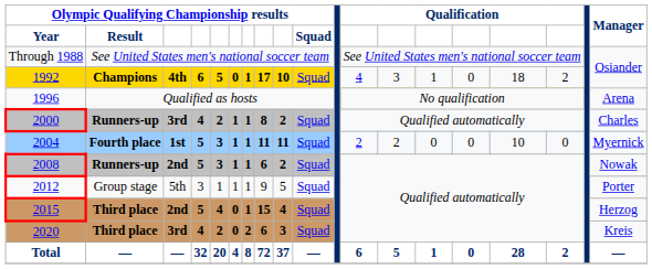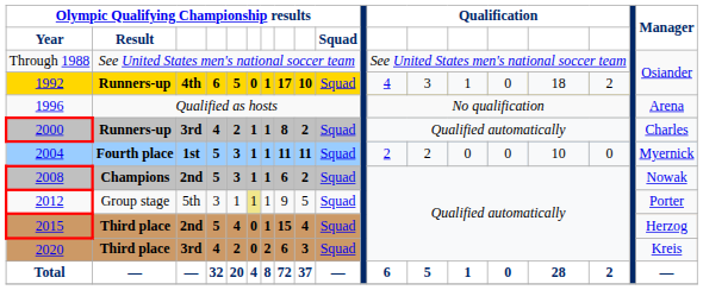 <table class="wikitable" style="text-align: center;font-size:100%;">
 <tr>
 <th colspan="10" style="color:#002868; background:white; "><a href='#'>Olympic Qualifying Championship</a> results</th>
 <th rowspan="12" style="color:#002868; background:#002868;"></th>
 <th colspan="6" style="color:#002868; background:white; ">Qualification</th>
 <th rowspan="12" style="color:#002868; background:#002868;"></th>
 <th rowspan="2" style="color:#002868; background:white; ">Manager</th>
 </tr>
 <tr>
 <th style="color:#002868; background:white; ">Year</th>
 <th style="color:#002868; background:white; ">Result</th>
 <th style="color:#002868; background:white; "></th>
 <th style="color:#002868; background:white; "></th>
 <th style="color:#002868; background:white; "></th>
 <th style="color:#002868; background:white; "></th>
 <th style="color:#002868; background:white; "></th>
 <th style="color:#002868; background:white; "></th>
 <th style="color:#002868; background:white; "></th>
 <th style="color:#002868; background:white; ">Squad</th>
 <th style="color:#002868; background:white; "></th>
 <th style="color:#002868; background:white; "></th>
 <th style="color:#002868; background:white; "></th>
 <th style="color:#002868; background:white; "></th>
 <th style="color:#002868; background:white; "></th>
 <th style="color:#002868; background:white; "></th>
 </tr>
 <tr>
 <td>Through <a href='#'>1988</a></td>
 <td colspan="9"><em>See <a href='#'>United States men's national soccer team</a></em></td>
 <td colspan="6"><em>See <a href='#'>United States men's national soccer team</a></em></td>
 <td rowspan="2"><a href='#'>Osiander</a></td>
 </tr>
 <tr bgcolor=gold>
 <td align="center"> <a href='#'>1992</a></td>
-<td><strong>Champions</strong></td>
+<td><strong>Runners-up</strong></td>
 <td><strong>4th</strong></td>
 <td><strong>6</strong></td>
 <td><strong>5</strong></td>
 <td><strong>0</strong></td>
 <td><strong>1</strong></td>
 <td><strong>17</strong></td>
 <td><strong>10</strong></td>
 <td><a href='#'>Squad</a></td>
 <td bgcolor="#f8f9fa"><a href='#'>4</a></td>
 <td bgcolor="#f8f9fa">3</td>
 <td bgcolor="#f8f9fa">1</td>
 <td bgcolor="#f8f9fa">0</td>
 <td bgcolor="#f8f9fa">18</td>
 <td bgcolor="#f8f9fa">2</td>
 </tr>
 <tr>
 <td align="center"> <a href='#'>1996</a></td>
 <td colspan=9><em>Qualified as hosts</em></td>
 <td colspan="6"><em>No qualification</em></td>
 <td><a href='#'>Arena</a></td>
 </tr>
 <tr bgcolor=silver>
 <td style="border: 3px solid red" align="center"> <a href='#'>2000</a></td>
 <td><strong>Runners-up</strong></td>
 <td><strong>3rd</strong></td>
 <td><strong>4</strong></td>
 <td><strong>2</strong></td>
 <td><strong>1</strong></td>
 <td><strong>1</strong></td>
 <td><strong>8</strong></td>
 <td><strong>2</strong></td>
 <td><a href='#'>Squad</a></td>
 <td colspan="6" bgcolor="#f8f9fa"><em>Qualified automatically</em></td>
 <td bgcolor="#f8f9fa"><a href='#'>Charles</a></td>
 </tr>
 <tr style="background:#9acdff;">
 <td align="center"> <a href='#'>2004</a></td>
 <td><strong>Fourth place</strong></td>
 <td><strong>1st</strong></td>
 <td><strong>5</strong></td>
 <td><strong>3</strong></td>
 <td><strong>1</strong></td>
 <td><strong>1</strong></td>
 <td><strong>11</strong></td>
 <td><strong>11</strong></td>
 <td><a href='#'>Squad</a></td>
 <td bgcolor="#f8f9fa"><a href='#'>2</a></td>
 <td bgcolor="#f8f9fa">2</td>
 <td bgcolor="#f8f9fa">0</td>
 <td bgcolor="#f8f9fa">0</td>
 <td bgcolor="#f8f9fa">10</td>
 <td bgcolor="#f8f9fa">0</td>
 <td bgcolor="#f8f9fa"><a href='#'>Myernick</a></td>
 </tr>
 <tr bgcolor=silver>
 <td style="border: 3px solid red" align="center"> <a href='#'>2008</a></td>
-<td><strong>Runners-up</strong></td>
+<td><strong>Champions</strong></td>
 <td><strong>2nd</strong></td>
 <td><strong>5</strong></td>
 <td><strong>3</strong></td>
 <td><strong>1</strong></td>
 <td><strong>1</strong></td>
 <td><strong>6</strong></td>
 <td><strong>2</strong></td>
 <td><a href='#'>Squad</a></td>
 <td colspan="6" rowspan="4" bgcolor="#f8f9fa"><em>Qualified automatically</em></td>
 <td bgcolor="#f8f9fa"><a href='#'>Nowak</a></td>
 </tr>
 <tr>
 <td style="border: 3px solid red" align="center"> <a href='#'>2012</a></td>
 <td>Group stage</td>
 <td>5th</td>
 <td>3</td>
 <td>1</td>
-<td>1</td>
+<td style="background: khaki;">1</td>
 <td>1</td>
 <td>9</td>
 <td>5</td>
 <td><a href='#'>Squad</a></td>
 <td><a href='#'>Porter</a></td>
 </tr>
 <tr bgcolor=#cc9966>
 <td style="border: 3px solid red" align="center"> <a href='#'>2015</a></td>
 <td><strong>Third place</strong></td>
 <td><strong>2nd</strong></td>
 <td><strong>5</strong></td>
 <td><strong>4</strong></td>
 <td><strong>0</strong></td>
 <td><strong>1</strong></td>
 <td><strong>15</strong></td>
 <td><strong>4</strong></td>
 <td><a href='#'>Squad</a></td>
 <td bgcolor="#f8f9fa"><a href='#'>Herzog</a></td>
 </tr>
 <tr bgcolor="#cc9966">
 <td align="center"> <a href='#'>2020</a></td>
 <td><strong>Third place</strong></td>
 <td><strong>3rd</strong></td>
 <td><strong>4</strong></td>
 <td><strong>2</strong></td>
 <td><strong>0</strong></td>
 <td><strong>2</strong></td>
 <td><strong>6</strong></td>
 <td><strong>3</strong></td>
 <td><a href='#'>Squad</a></td>
 <td bgcolor="#f8f9fa"><a href='#'>Kreis</a></td>
 </tr>
 <tr>
 <th style="color:#002868; background:white; ">Total</th>
 <th style="color:#002868; background:white; ">—</th>
 <th style="color:#002868; background:white; ">—</th>
 <th style="color:#002868; background:white; ">32</th>
 <th style="color:#002868; background:white; ">20</th>
 <th style="color:#002868; background:white; ">4</th>
 <th style="color:#002868; background:white; ">8</th>
 <th style="color:#002868; background:white; ">72</th>
 <th style="color:#002868; background:white; ">37</th>
 <th style="color:#002868; background:white; ">—</th>
 <th style="color:#002868; background:white; ">6</th>
 <th style="color:#002868; background:white; ">5</th>
 <th style="color:#002868; background:white; ">1</th>
 <th style="color:#002868; background:white; ">0</th>
 <th style="color:#002868; background:white; ">28</th>
 <th style="color:#002868; background:white; ">2</th>
 <th style="color:#002868; background:white; ">—</th>
 </tr>
 <tr>
 </tr>
 </table>
